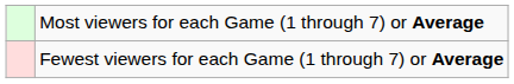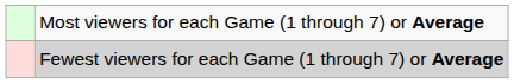 <table class="wikitable" style="font-size:1.00em; line-height:1.5em; margin:1em auto;">
 <tr>
 <td bgcolor="#DDFFDD">    </td>
 <td>Most viewers for each Game (1 through 7) or <strong>Average</strong></td>
 </tr>
 <tr>
 <td bgcolor="#FFDDDD">    </td>
-<td>Fewest viewers for each Game (1 through 7) or <strong>Average</strong></td>
+<td style="background: lightgrey;">Fewest viewers for each Game (1 through 7) or <strong>Average</strong></td>
 </tr>
 </table>
